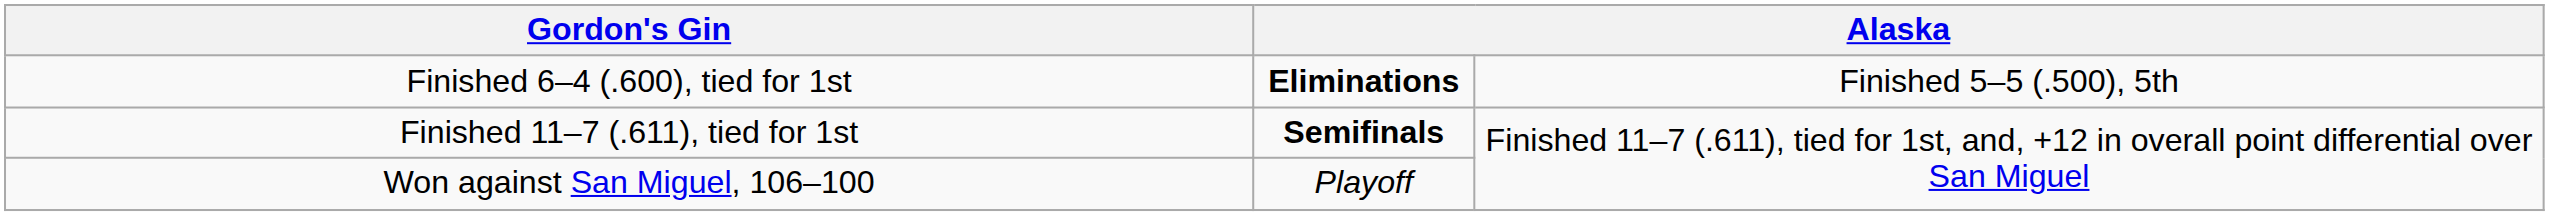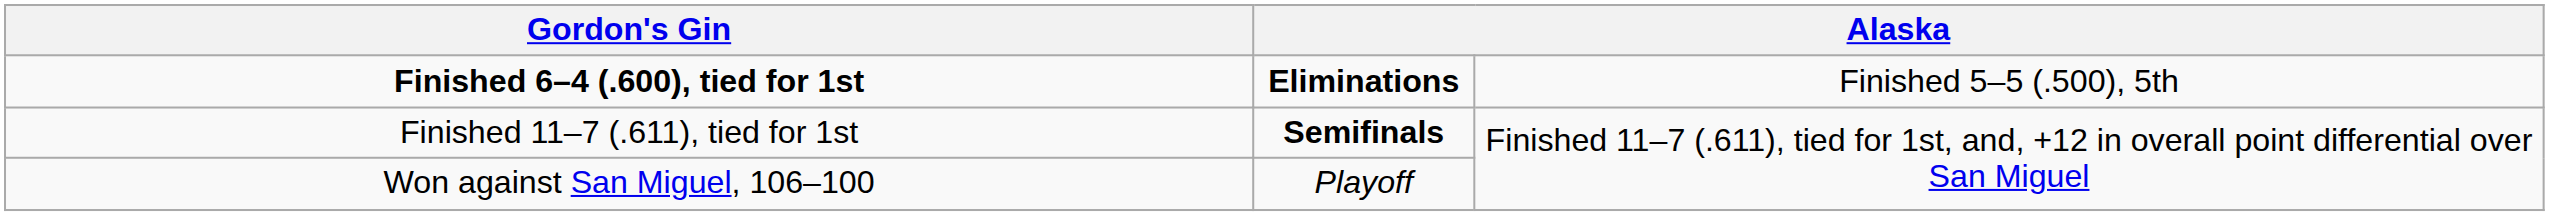 <table class=wikitable width=100%>
 <tr align=center>
 <th colspan=2 width=45%><a href='#'>Gordon's Gin</a></th>
 <th colspan=2 width=45%><a href='#'>Alaska</a></th>
 </tr>
 <tr align=center>
-<td>Finished 6–4 (.600), tied for 1st</td>
+<td><strong>Finished 6–4 (.600), tied for 1st</strong></td>
 <td colspan=2><strong>Eliminations</strong></td>
 <td>Finished 5–5 (.500), 5th</td>
 </tr>
 <tr align=center>
 <td>Finished 11–7 (.611), tied for 1st</td>
 <td colspan=2><strong>Semifinals</strong></td>
 <td rowspan=2>Finished 11–7 (.611), tied for 1st, and, +12 in overall point differential over <a href='#'>San Miguel</a></td>
 </tr>
 <tr align=center>
 <td>Won against <a href='#'>San Miguel</a>, 106–100</td>
 <td colspan=2><em>Playoff</em></td>
 </tr>
 </table>
